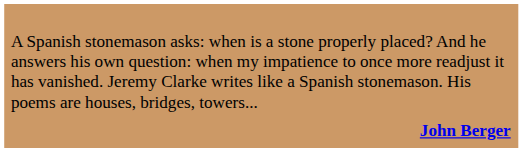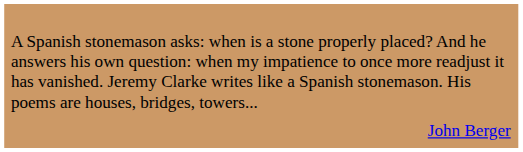 <table class="toccolours" style="float: right; margin-left: 2em; margin-right: 1em; font-size: 90%; background:#CC9966; width:30em; max-width: 40%;" cellspacing="5">
 <tr>
 <td style="text-align: left;"><br>A Spanish stonemason asks: when is a stone properly placed?  And he answers his own question: when my impatience to once more readjust it has vanished.  Jeremy Clarke writes like a Spanish stonemason.  His poems are houses, bridges, towers...</td>
 </tr>
 <tr>
-<td style="text-align: right;"><strong><a href='#'>John Berger</a></strong></td>
+<td style="text-align: right;"><a href='#'>John Berger</a></td>
 </tr>
 </table>
